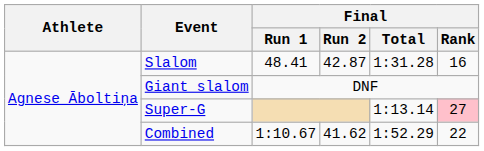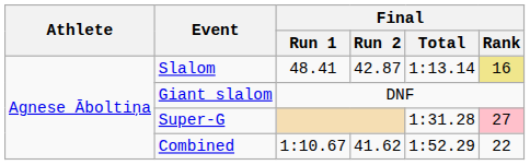 <table class="wikitable">
 <tr>
 <th rowspan="2">Athlete</th>
 <th rowspan="2">Event</th>
 <th colspan="4">Final</th>
 </tr>
 <tr>
 <th>Run 1</th>
 <th>Run 2</th>
 <th>Total</th>
 <th>Rank</th>
 </tr>
 <tr>
 <td rowspan=4><a href='#'>Agnese Āboltiņa</a></td>
 <td><a href='#'>Slalom</a></td>
 <td align="center">48.41</td>
 <td align="center">42.87</td>
-<td align="center">1:31.28</td>
-<td align="center">16</td>
+<td align="center">1:13.14</td>
+<td align="center" style="background: khaki;">16</td>
 </tr>
 <tr>
 <td><a href='#'>Giant slalom</a></td>
 <td align="center" colspan=4>DNF</td>
 </tr>
 <tr>
 <td><a href='#'>Super-G</a></td>
 <td colspan=2 bgcolor="wheat"></td>
-<td align="center">1:13.14</td>
+<td align="center">1:31.28</td>
 <td align="center" style="background: pink;">27</td>
 </tr>
 <tr>
 <td><a href='#'>Combined</a></td>
 <td align="center">1:10.67</td>
 <td align="center">41.62</td>
 <td align="center">1:52.29</td>
 <td align="center">22</td>
 </tr>
 </table>
